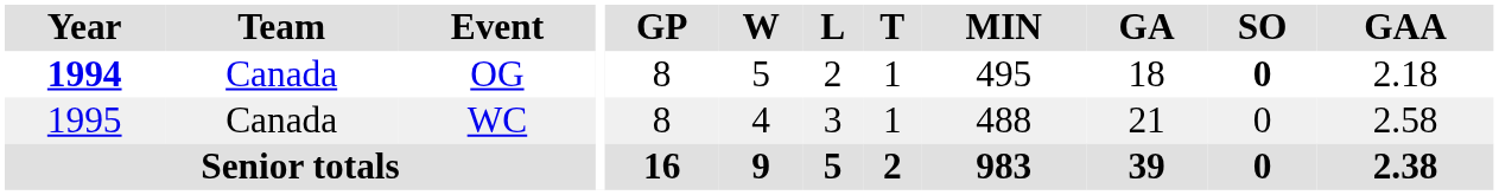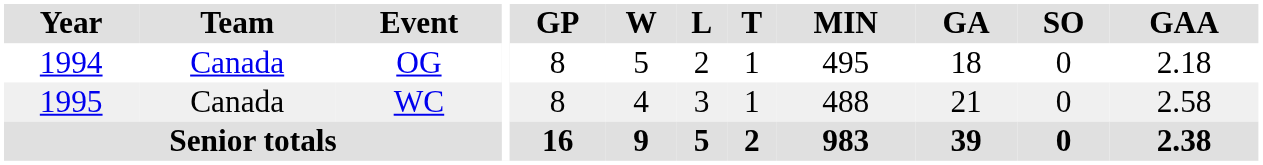 <table border="0" cellpadding="1" cellspacing="0" ID="Table3" style="text-align:center; width:40em">
 <tr ALIGN="center" bgcolor="#e0e0e0">
 <th>Year</th>
 <th>Team</th>
 <th>Event</th>
 <th rowspan="99" bgcolor="#ffffff"></th>
 <th>GP</th>
 <th>W</th>
 <th>L</th>
 <th>T</th>
 <th>MIN</th>
 <th>GA</th>
 <th>SO</th>
 <th>GAA</th>
 </tr>
 <tr>
-<td><strong><a href='#'>1994</a></strong></td>
+<td><a href='#'>1994</a></td>
 <td><a href='#'>Canada</a></td>
 <td><a href='#'>OG</a></td>
 <td>8</td>
 <td>5</td>
 <td>2</td>
 <td>1</td>
 <td>495</td>
 <td>18</td>
-<td><strong>0</strong></td>
+<td>0</td>
 <td>2.18</td>
 </tr>
 <tr bgcolor="#f0f0f0">
 <td><a href='#'>1995</a></td>
 <td>Canada</td>
 <td><a href='#'>WC</a></td>
 <td>8</td>
 <td>4</td>
 <td>3</td>
 <td>1</td>
 <td>488</td>
 <td>21</td>
 <td>0</td>
 <td>2.58</td>
 </tr>
 <tr bgcolor="#e0e0e0">
 <th colspan="3">Senior totals</th>
 <th>16</th>
 <th>9</th>
 <th>5</th>
 <th>2</th>
 <th>983</th>
 <th>39</th>
 <th>0</th>
 <th>2.38</th>
 </tr>
 </table>
